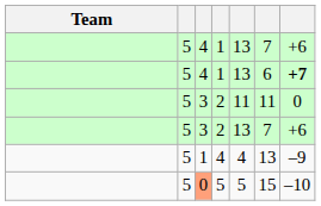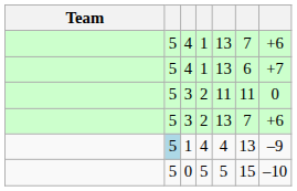 <table class=wikitable style="text-align:center">
 <tr>
 <th width=150>Team</th>
 <th></th>
 <th></th>
 <th></th>
 <th></th>
 <th></th>
 <th></th>
 </tr>
 <tr bgcolor=ccffcc>
 <td style="text-align:left"></td>
 <td>5</td>
 <td>4</td>
 <td>1</td>
 <td>13</td>
 <td>7</td>
 <td>+6</td>
 </tr>
 <tr bgcolor=ccffcc>
 <td style="text-align:left"></td>
 <td>5</td>
 <td>4</td>
 <td>1</td>
 <td>13</td>
 <td>6</td>
-<td><strong>+7</strong></td>
+<td>+7</td>
 </tr>
 <tr bgcolor=ccffcc>
 <td style="text-align:left"></td>
 <td>5</td>
 <td>3</td>
 <td>2</td>
 <td>11</td>
 <td>11</td>
 <td>0</td>
 </tr>
 <tr bgcolor=ccffcc>
 <td style="text-align:left"></td>
 <td>5</td>
 <td>3</td>
 <td>2</td>
 <td>13</td>
 <td>7</td>
 <td>+6</td>
 </tr>
 <tr>
 <td style="text-align:left"></td>
-<td>5</td>
+<td style="background: lightblue;">5</td>
 <td>1</td>
 <td>4</td>
 <td>4</td>
 <td>13</td>
 <td>–9</td>
 </tr>
 <tr>
 <td style="text-align:left"></td>
 <td>5</td>
-<td style="background: lightsalmon;">0</td>
+<td>0</td>
 <td>5</td>
 <td>5</td>
 <td>15</td>
 <td>–10</td>
 </tr>
 </table>
